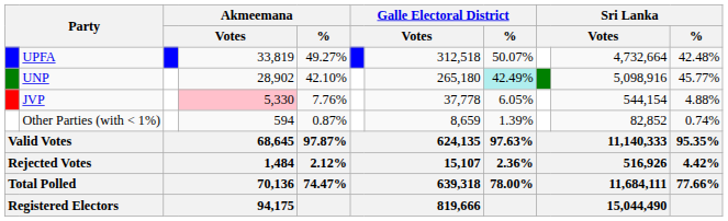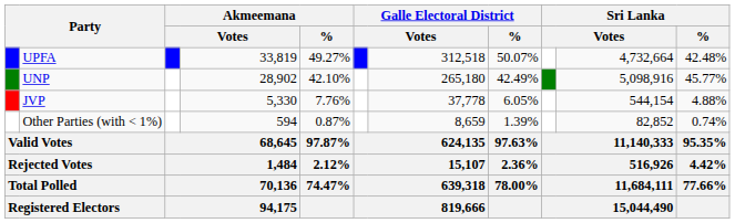 <table class="wikitable">
 <tr>
 <th colspan="2" width="144px"rowspan="2">Party</th>
 <th colspan="3" width="216px">Akmeemana</th>
 <th colspan="3" width="216px"><a href='#'>Galle Electoral District</a></th>
 <th colspan="3" width="216px">Sri Lanka</th>
 </tr>
 <tr>
 <th colspan="2" width="144px">Votes</th>
 <th>%</th>
 <th colspan="2" width="144px">Votes</th>
 <th>%</th>
 <th colspan="2" width="144px">Votes</th>
 <th>%</th>
 </tr>
 <tr>
 <td style="background-color:blue;" width="10px"></td>
 <td style="text-align:left;"><a href='#'>UPFA</a></td>
 <td style="background-color:blue;" width="10px"></td>
 <td style="text-align:right;">33,819</td>
 <td style="text-align:right;">49.27%</td>
 <td style="background-color:blue;" width="10px"></td>
 <td style="text-align:right;">312,518</td>
 <td style="text-align:right;">50.07%</td>
 <td style="background-color:white;" width="10px"></td>
 <td style="text-align:right;">4,732,664</td>
 <td style="text-align:right;">42.48%</td>
 </tr>
 <tr>
 <td style="background-color:green;" width="10px"></td>
 <td style="text-align:left;"><a href='#'>UNP</a></td>
 <td style="background-color:white;" width="10px"></td>
 <td style="text-align:right;">28,902</td>
 <td style="text-align:right;">42.10%</td>
 <td style="background-color:white;" width="10px"></td>
 <td style="text-align:right;">265,180</td>
-<td style="background: paleturquoise; text-align:right;">42.49%</td>
+<td style="text-align:right;">42.49%</td>
 <td style="background-color:green;" width="10px"></td>
 <td style="text-align:right;">5,098,916</td>
 <td style="text-align:right;">45.77%</td>
 </tr>
 <tr>
 <td style="background-color:red;" width="10px"></td>
 <td style="text-align:left;"><a href='#'>JVP</a></td>
 <td style="background-color:white;" width="10px"></td>
-<td style="background: pink; text-align:right;">5,330</td>
+<td style="text-align:right;">5,330</td>
 <td style="text-align:right;">7.76%</td>
 <td style="background-color:white;" width="10px"></td>
 <td style="text-align:right;">37,778</td>
 <td style="text-align:right;">6.05%</td>
 <td style="background-color:white;" width="10px"></td>
 <td style="text-align:right;">544,154</td>
 <td style="text-align:right;">4.88%</td>
 </tr>
 <tr>
 <td style="background-color:white;" width="10px"></td>
 <td style="text-align:left;">Other Parties (with < 1%)</td>
 <td style="background-color:white;" width="10px"></td>
 <td style="text-align:right;">594</td>
 <td style="text-align:right;">0.87%</td>
 <td style="background-color:white;" width="10px"></td>
 <td style="text-align:right;">8,659</td>
 <td style="text-align:right;">1.39%</td>
 <td style="background-color:white;" width="10px"></td>
 <td style="text-align:right;">82,852</td>
 <td style="text-align:right;">0.74%</td>
 </tr>
 <tr>
 <th colspan="2" width="144px"style="text-align:left;">Valid Votes</th>
 <th style="text-align:right;"colspan="2" width="144px">68,645</th>
 <th style="text-align:right;">97.87%</th>
 <th style="text-align:right;"colspan="2" width="144px">624,135</th>
 <th style="text-align:right;">97.63%</th>
 <th style="text-align:right;"colspan="2" width="144px">11,140,333</th>
 <th style="text-align:right;">95.35%</th>
 </tr>
 <tr>
 <th colspan="2" width="144px"style="text-align:left;">Rejected Votes</th>
 <th style="text-align:right;"colspan="2" width="144px">1,484</th>
 <th style="text-align:right;">2.12%</th>
 <th style="text-align:right;"colspan="2" width="144px">15,107</th>
 <th style="text-align:right;">2.36%</th>
 <th style="text-align:right;"colspan="2" width="144px">516,926</th>
 <th style="text-align:right;">4.42%</th>
 </tr>
 <tr>
 <th colspan="2" width="144px"style="text-align:left;">Total Polled</th>
 <th style="text-align:right;"colspan="2" width="144px">70,136</th>
 <th style="text-align:right;">74.47%</th>
 <th style="text-align:right;"colspan="2" width="144px">639,318</th>
 <th style="text-align:right;">78.00%</th>
 <th style="text-align:right;"colspan="2" width="144px">11,684,111</th>
 <th style="text-align:right;">77.66%</th>
 </tr>
 <tr>
 <th colspan="2" width="144px"style="text-align:left;">Registered Electors</th>
 <th style="text-align:right;"colspan="2" width="144px">94,175</th>
 <th></th>
 <th style="text-align:right;"colspan="2" width="144px">819,666</th>
 <th></th>
 <th style="text-align:right;"colspan="2" width="144px">15,044,490</th>
 <th></th>
 </tr>
 </table>
